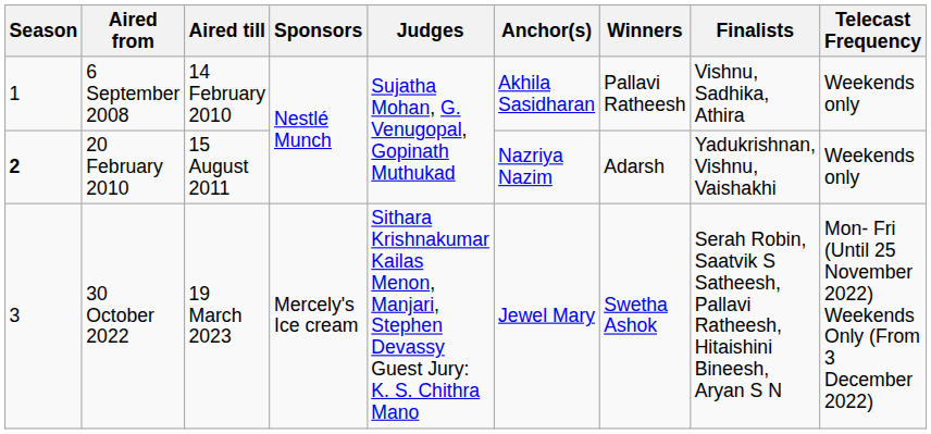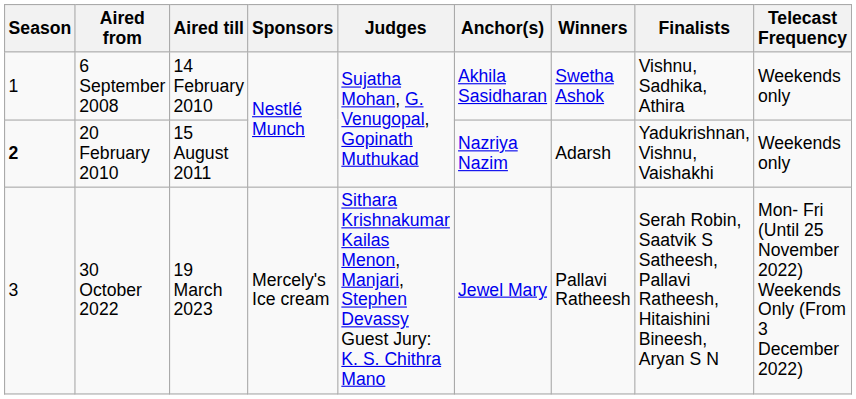 <table class="wikitable">
 <tr>
 <th>Season</th>
 <th>Aired from</th>
 <th>Aired till</th>
 <th>Sponsors</th>
 <th>Judges</th>
 <th>Anchor(s)</th>
 <th>Winners</th>
 <th>Finalists</th>
 <th>Telecast Frequency</th>
 </tr>
 <tr>
 <td>1</td>
 <td>6 September 2008</td>
 <td>14 February 2010</td>
 <td rowspan=2><a href='#'>Nestlé Munch</a></td>
 <td rowspan=2><a href='#'>Sujatha Mohan</a>, <a href='#'>G. Venugopal</a>, <a href='#'>Gopinath Muthukad</a></td>
 <td><a href='#'>Akhila Sasidharan</a></td>
-<td>Pallavi Ratheesh</td>
+<td><a href='#'>Swetha Ashok</a></td>
 <td>Vishnu, Sadhika, Athira</td>
 <td>Weekends only</td>
 </tr>
 <tr>
 <td><strong>2</strong></td>
 <td>20 February 2010</td>
 <td>15 August 2011</td>
 <td><a href='#'>Nazriya Nazim</a></td>
 <td>Adarsh</td>
 <td>Yadukrishnan, Vishnu, Vaishakhi</td>
 <td>Weekends only</td>
 </tr>
 <tr>
 <td>3</td>
 <td>30 October 2022</td>
 <td>19 March 2023</td>
 <td>Mercely's Ice cream</td>
 <td><a href='#'>Sithara Krishnakumar</a> <br><a href='#'>Kailas Menon</a>,<br><a href='#'>Manjari</a>,<br><a href='#'>Stephen Devassy</a><br>Guest Jury: <a href='#'>K. S. Chithra</a>  <a href='#'>Mano</a></td>
 <td><a href='#'>Jewel Mary</a></td>
-<td><a href='#'>Swetha Ashok</a></td>
+<td>Pallavi Ratheesh</td>
 <td>Serah Robin, Saatvik S Satheesh, Pallavi Ratheesh, Hitaishini Bineesh, Aryan S N</td>
 <td>Mon- Fri (Until 25 November 2022)<br>Weekends Only (From 3 December 2022)</td>
 </tr>
 </table>
